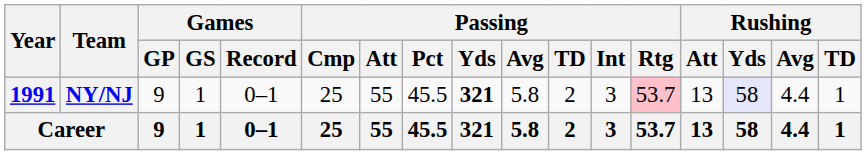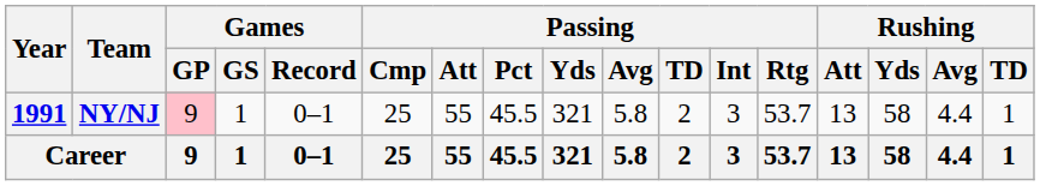 <table class="wikitable" style="text-align:center;">
 <tr>
 <th rowspan="2">Year</th>
 <th rowspan="2">Team</th>
 <th colspan="3">Games</th>
 <th colspan="8">Passing</th>
 <th colspan="4">Rushing</th>
 </tr>
 <tr>
 <th>GP</th>
 <th>GS</th>
 <th>Record</th>
 <th>Cmp</th>
 <th>Att</th>
 <th>Pct</th>
 <th>Yds</th>
 <th>Avg</th>
 <th>TD</th>
 <th>Int</th>
 <th>Rtg</th>
 <th>Att</th>
 <th>Yds</th>
 <th>Avg</th>
 <th>TD</th>
 </tr>
 <tr>
 <th><a href='#'>1991</a></th>
 <th><a href='#'>NY/NJ</a></th>
-<td>9</td>
+<td style="background: pink;">9</td>
 <td>1</td>
 <td>0–1</td>
 <td>25</td>
 <td>55</td>
 <td>45.5</td>
-<td><strong>321</strong></td>
+<td>321</td>
 <td>5.8</td>
 <td>2</td>
 <td>3</td>
-<td style="background: pink;">53.7</td>
+<td>53.7</td>
 <td>13</td>
-<td style="background: lavender;">58</td>
+<td>58</td>
 <td>4.4</td>
 <td>1</td>
 </tr>
 <tr>
 <th colspan="2">Career</th>
 <th>9</th>
 <th>1</th>
 <th>0–1</th>
 <th>25</th>
 <th>55</th>
 <th>45.5</th>
 <th>321</th>
 <th>5.8</th>
 <th>2</th>
 <th>3</th>
 <th>53.7</th>
 <th>13</th>
 <th>58</th>
 <th>4.4</th>
 <th>1</th>
 </tr>
 </table>
